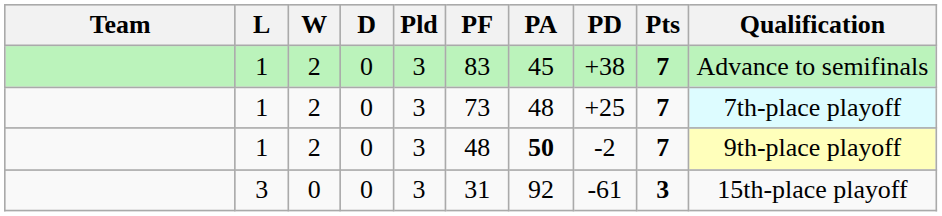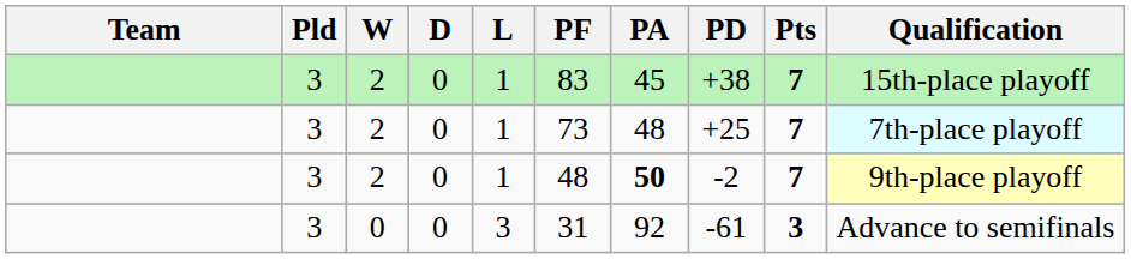 <table class="wikitable" style="text-align:center;">
 <tr>
 <th width=135>Team</th>
-<th width=25 abbr="Lost">L</th>
+<th width=25 abbr="Played">Pld</th>
 <th width=25 abbr="Won">W</th>
 <th width=25 abbr="Drawn">D</th>
-<th width=25 abbr="Played">Pld</th>
+<th width=25 abbr="Lost">L</th>
 <th width=32 abbr="Points for">PF</th>
 <th width=32 abbr="Points against">PA</th>
 <th width=32 abbr="Points difference">PD</th>
 <th width=25 abbr="Points">Pts</th>
 <th width=145>Qualification</th>
 </tr>
 <tr style="background:#BBF3BB;">
 <td align=left></td>
-<td>1</td>
+<td>3</td>
 <td>2</td>
 <td>0</td>
-<td>3</td>
+<td>1</td>
 <td>83</td>
 <td>45</td>
 <td>+38</td>
 <td><strong>7</strong></td>
-<td>Advance to semifinals</td>
+<td>15th-place playoff</td>
 </tr>
 <tr>
 <td align=left></td>
-<td>1</td>
+<td>3</td>
 <td>2</td>
 <td>0</td>
-<td>3</td>
+<td>1</td>
 <td>73</td>
 <td>48</td>
 <td>+25</td>
 <td><strong>7</strong></td>
 <td style="background:#DDFCFF;">7th-place playoff</td>
 </tr>
 <tr>
 <td align=left></td>
-<td>1</td>
+<td>3</td>
 <td>2</td>
 <td>0</td>
-<td>3</td>
+<td>1</td>
 <td>48</td>
 <td><strong>50</strong></td>
 <td>-2</td>
 <td><strong>7</strong></td>
 <td style="background:#FFFFBB;">9th-place playoff</td>
 </tr>
 <tr>
 <td align=left></td>
 <td>3</td>
 <td>0</td>
 <td>0</td>
 <td>3</td>
 <td>31</td>
 <td>92</td>
 <td>-61</td>
 <td><strong>3</strong></td>
-<td>15th-place playoff</td>
+<td>Advance to semifinals</td>
 </tr>
 </table>
